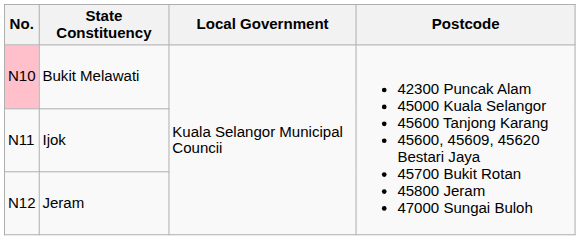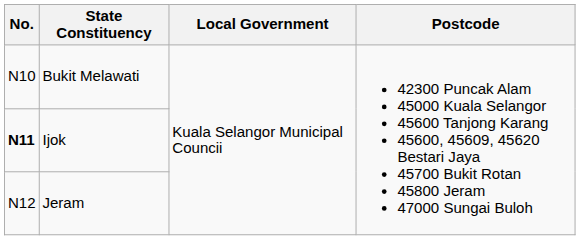 <table class="wikitable">
 <tr>
 <th>No.</th>
 <th>State Constituency</th>
 <th>Local Government</th>
 <th>Postcode</th>
 </tr>
 <tr>
-<td style="background: pink;">N10</td>
+<td>N10</td>
 <td>Bukit Melawati</td>
 <td rowspan="3">Kuala Selangor Municipal Councii</td>
 <td rowspan="3"><br><ul><li>42300 Puncak Alam</li><li>45000 Kuala Selangor</li><li>45600 Tanjong Karang</li><li>45600, 45609, 45620 Bestari Jaya</li><li>45700 Bukit Rotan</li><li>45800 Jeram</li><li>47000 Sungai Buloh</li></ul></td>
 </tr>
 <tr>
-<td>N11</td>
+<td><strong>N11</strong></td>
 <td>Ijok</td>
 </tr>
 <tr>
 <td>N12</td>
 <td>Jeram</td>
 </tr>
 </table>
